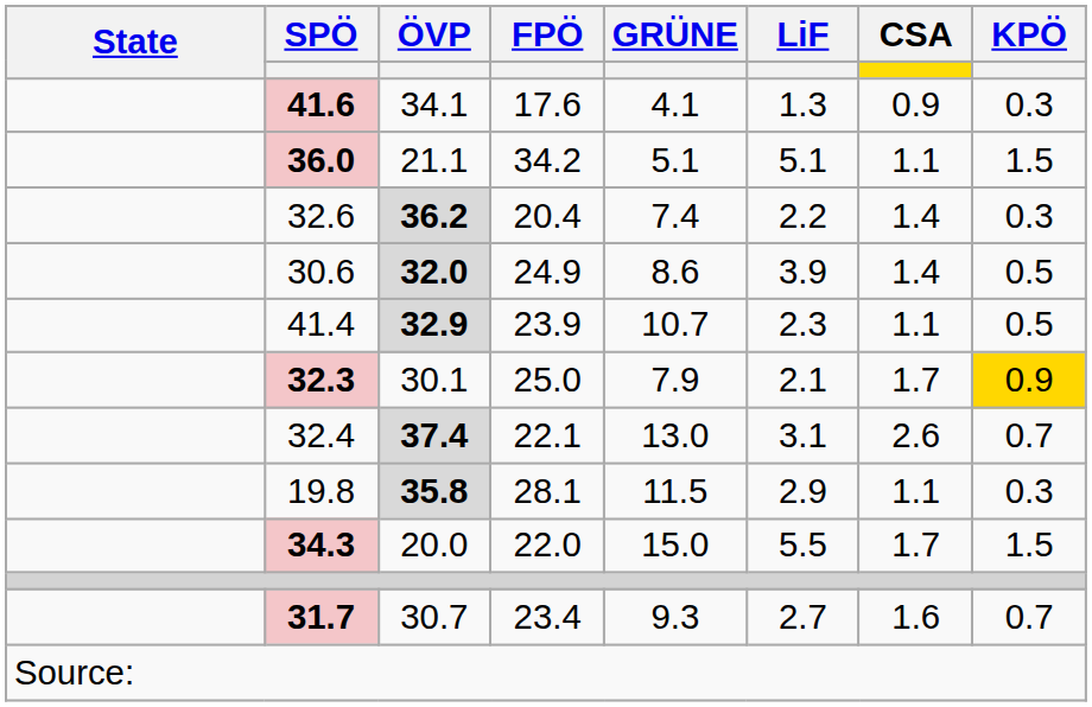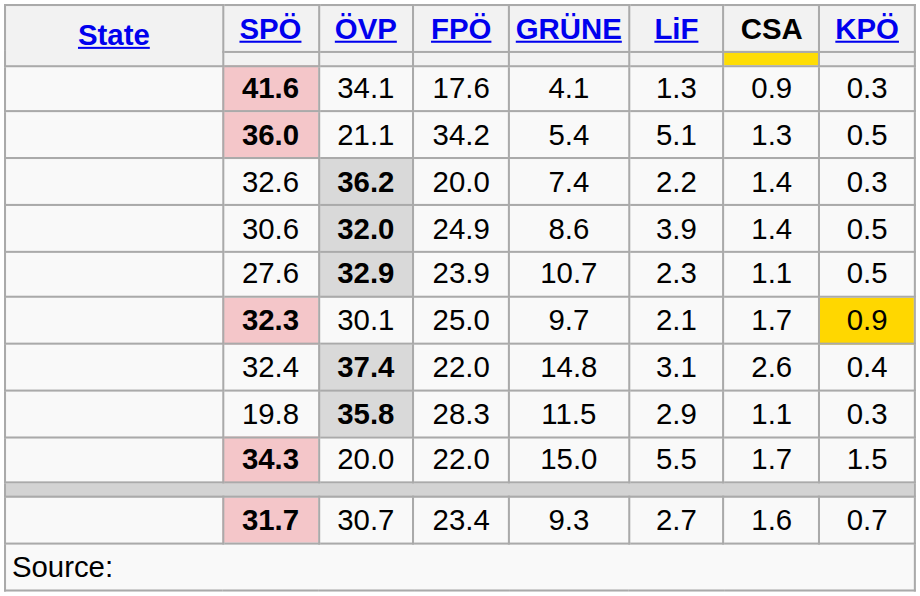 <table class="wikitable sortable" style="text-align:center;font-size:90%;line-height:16px">
 <tr>
 <th rowspan="2" style="width:100px;"><a href='#'>State</a></th>
 <th style="width:40px;"><a href='#'>SPÖ</a></th>
 <th style="width:40px;"><a href='#'>ÖVP</a></th>
 <th style="width:40px;"><a href='#'>FPÖ</a></th>
 <th style="width:40px;"><a href='#'>GRÜNE</a></th>
 <th style="width:40px;"><a href='#'>LiF</a></th>
 <th style="width:40px;">CSA</th>
 <th style="width:40px;"><a href='#'>KPÖ</a></th>
 </tr>
 <tr>
 <th style="background:"></th>
 <th style="background:"></th>
 <th style="background:"></th>
 <th style="background:"></th>
 <th style="background:"></th>
 <th style="background:#FEDD04;"></th>
 <th style="background:"></th>
 </tr>
 <tr>
 <td align="left"></td>
 <td bgcolor="#F4C6C9"><strong>41.6</strong></td>
 <td>34.1</td>
 <td>17.6</td>
 <td>4.1</td>
 <td>1.3</td>
 <td>0.9</td>
 <td>0.3</td>
 </tr>
 <tr>
 <td align="left"></td>
 <td bgcolor="#F4C6C9"><strong>36.0</strong></td>
 <td>21.1</td>
 <td>34.2</td>
+<td>5.4</td>
 <td>5.1</td>
-<td>5.1</td>
-<td>1.1</td>
-<td>1.5</td>
+<td>1.3</td>
+<td>0.5</td>
 </tr>
 <tr>
 <td align="left"></td>
 <td>32.6</td>
 <td bgcolor="#D9D9D9"><strong>36.2</strong></td>
-<td>20.4</td>
+<td>20.0</td>
 <td>7.4</td>
 <td>2.2</td>
 <td>1.4</td>
 <td>0.3</td>
 </tr>
 <tr>
 <td align="left"></td>
 <td>30.6</td>
 <td bgcolor="#D9D9D9"><strong>32.0</strong></td>
 <td>24.9</td>
 <td>8.6</td>
 <td>3.9</td>
 <td>1.4</td>
 <td>0.5</td>
 </tr>
 <tr>
 <td align="left"></td>
-<td>41.4</td>
+<td>27.6</td>
 <td bgcolor="#D9D9D9"><strong>32.9</strong></td>
 <td>23.9</td>
 <td>10.7</td>
 <td>2.3</td>
 <td>1.1</td>
 <td>0.5</td>
 </tr>
 <tr>
 <td align="left"></td>
 <td bgcolor=#F4C6C9><strong>32.3</strong></td>
 <td>30.1</td>
 <td>25.0</td>
-<td>7.9</td>
+<td>9.7</td>
 <td>2.1</td>
 <td>1.7</td>
 <td style="background: gold;">0.9</td>
 </tr>
 <tr>
 <td align="left"></td>
 <td>32.4</td>
 <td bgcolor="#D9D9D9"><strong>37.4</strong></td>
-<td>22.1</td>
-<td>13.0</td>
+<td>22.0</td>
+<td>14.8</td>
 <td>3.1</td>
 <td>2.6</td>
-<td>0.7</td>
+<td>0.4</td>
 </tr>
 <tr>
 <td align="left"></td>
 <td>19.8</td>
 <td bgcolor="#D9D9D9"><strong>35.8</strong></td>
-<td>28.1</td>
+<td>28.3</td>
 <td>11.5</td>
 <td>2.9</td>
 <td>1.1</td>
 <td>0.3</td>
 </tr>
 <tr>
 <td align="left"></td>
 <td bgcolor="#F4C6C9"><strong>34.3</strong></td>
 <td>20.0</td>
 <td>22.0</td>
 <td>15.0</td>
 <td>5.5</td>
 <td>1.7</td>
 <td>1.5</td>
 </tr>
 <tr>
 <td colspan="9" bgcolor="lightgrey"></td>
 </tr>
 <tr>
 <td align="left"></td>
 <td bgcolor=#F4C6C9><strong>31.7</strong></td>
 <td>30.7</td>
 <td>23.4</td>
 <td>9.3</td>
 <td>2.7</td>
 <td>1.6</td>
 <td>0.7</td>
 </tr>
 <tr class="sortbottom">
 <td colspan="9" align="left">Source: </td>
 </tr>
 </table>
